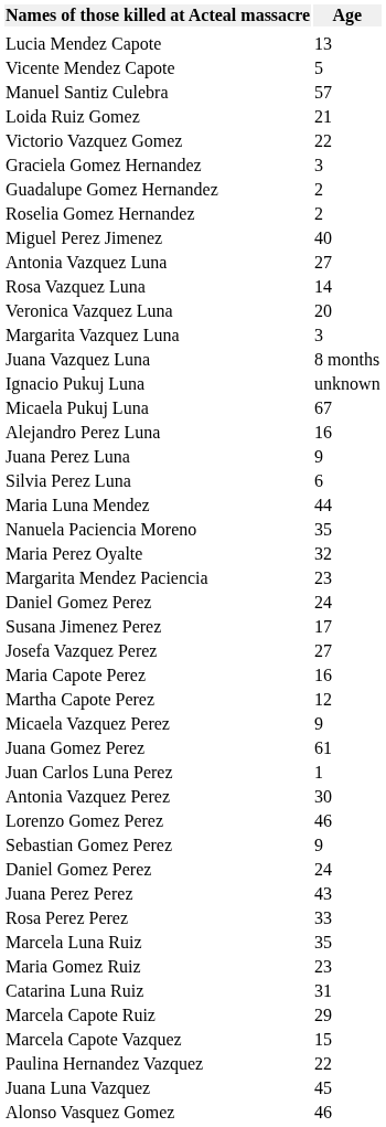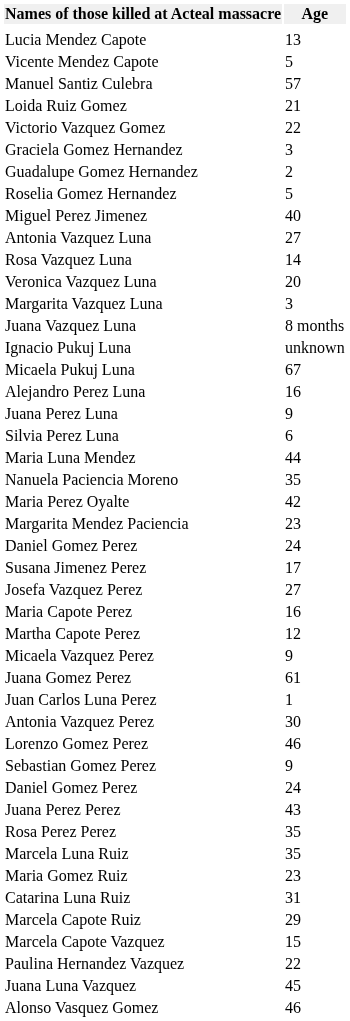 <table>
 <tr style="text-align:center; background:#f0f0f0;">
 <td><strong>Names of those killed at Acteal massacre</strong></td>
 <td><strong>Age</strong></td>
 </tr>
 <tr>
 <td></td>
 </tr>
 <tr>
 <td>Lucia Mendez Capote</td>
 <td>13</td>
 </tr>
 <tr>
 <td>Vicente Mendez Capote</td>
 <td>5</td>
 </tr>
 <tr>
 <td>Manuel Santiz Culebra</td>
 <td>57</td>
 </tr>
 <tr>
 <td>Loida Ruiz Gomez</td>
 <td>21</td>
 </tr>
 <tr>
 <td>Victorio Vazquez Gomez</td>
 <td>22</td>
 </tr>
 <tr>
 <td>Graciela Gomez Hernandez</td>
 <td>3</td>
 </tr>
 <tr>
 <td>Guadalupe Gomez Hernandez</td>
 <td>2</td>
 </tr>
 <tr>
 <td>Roselia Gomez Hernandez</td>
-<td>2</td>
+<td>5</td>
 </tr>
 <tr>
 <td>Miguel Perez Jimenez</td>
 <td>40</td>
 </tr>
 <tr>
 <td>Antonia Vazquez Luna</td>
 <td>27</td>
 </tr>
 <tr>
 <td>Rosa Vazquez Luna</td>
 <td>14</td>
 </tr>
 <tr>
 <td>Veronica Vazquez Luna</td>
 <td>20</td>
 </tr>
 <tr>
 <td>Margarita Vazquez Luna</td>
 <td>3</td>
 </tr>
 <tr>
 <td>Juana Vazquez Luna</td>
 <td>8 months</td>
 </tr>
 <tr>
 <td>Ignacio Pukuj Luna</td>
 <td>unknown</td>
 </tr>
 <tr>
 <td>Micaela Pukuj Luna</td>
 <td>67</td>
 </tr>
 <tr>
 <td>Alejandro Perez Luna</td>
 <td>16</td>
 </tr>
 <tr>
 <td>Juana Perez Luna</td>
 <td>9</td>
 </tr>
 <tr>
 <td>Silvia Perez Luna</td>
 <td>6</td>
 </tr>
 <tr>
 <td>Maria Luna Mendez</td>
 <td>44</td>
 </tr>
 <tr>
 <td>Nanuela Paciencia Moreno</td>
 <td>35</td>
 </tr>
 <tr>
 <td>Maria Perez Oyalte</td>
-<td>32</td>
+<td>42</td>
 </tr>
 <tr>
 <td>Margarita Mendez Paciencia</td>
 <td>23</td>
 </tr>
 <tr>
 <td>Daniel Gomez Perez</td>
 <td>24</td>
 </tr>
 <tr>
 <td>Susana Jimenez Perez</td>
 <td>17</td>
 </tr>
 <tr>
 <td>Josefa Vazquez Perez</td>
 <td>27</td>
 </tr>
 <tr>
 <td>Maria Capote Perez</td>
 <td>16</td>
 </tr>
 <tr>
 <td>Martha Capote Perez</td>
 <td>12</td>
 </tr>
 <tr>
 <td>Micaela Vazquez Perez</td>
 <td>9</td>
 </tr>
 <tr>
 <td>Juana Gomez Perez</td>
 <td>61</td>
 </tr>
 <tr>
 <td>Juan Carlos Luna Perez</td>
 <td>1</td>
 </tr>
 <tr>
 <td>Antonia Vazquez Perez</td>
 <td>30</td>
 </tr>
 <tr>
 <td>Lorenzo Gomez Perez</td>
 <td>46</td>
 </tr>
 <tr>
 <td>Sebastian Gomez Perez</td>
 <td>9</td>
 </tr>
 <tr>
 <td>Daniel Gomez Perez</td>
 <td>24</td>
 </tr>
 <tr>
 <td>Juana Perez Perez</td>
 <td>43</td>
 </tr>
 <tr>
 <td>Rosa Perez Perez</td>
-<td>33</td>
+<td>35</td>
 </tr>
 <tr>
 <td>Marcela Luna Ruiz</td>
 <td>35</td>
 </tr>
 <tr>
 <td>Maria Gomez Ruiz</td>
 <td>23</td>
 </tr>
 <tr>
 <td>Catarina Luna Ruiz</td>
 <td>31</td>
 </tr>
 <tr>
 <td>Marcela Capote Ruiz</td>
 <td>29</td>
 </tr>
 <tr>
 <td>Marcela Capote Vazquez</td>
 <td>15</td>
 </tr>
 <tr>
 <td>Paulina Hernandez Vazquez</td>
 <td>22</td>
 </tr>
 <tr>
 <td>Juana Luna Vazquez</td>
 <td>45</td>
 </tr>
 <tr>
 <td>Alonso Vasquez Gomez</td>
 <td>46</td>
 </tr>
 <tr>
 <td></td>
 </tr>
 </table>
